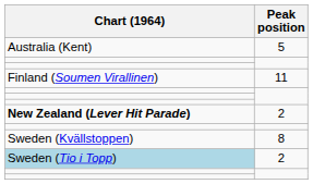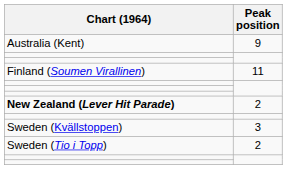 <table class="wikitable sortable">
 <tr>
 <th style="width:20em;">Chart (1964)</th>
 <th>Peak<br>position</th>
 </tr>
 <tr>
 <td>Australia (Kent)</td>
-<td style="text-align:center;">5</td>
+<td style="text-align:center;">9</td>
 </tr>
 <tr>
 <td></td>
 </tr>
 <tr>
 <td></td>
 </tr>
 <tr>
 <td align="left">Finland (<a href='#'><em>Soumen Virallinen</em></a>)</td>
 <td style="text-align:center;">11</td>
 </tr>
 <tr>
 <td></td>
 </tr>
 <tr>
 <td></td>
 </tr>
 <tr>
 <td></td>
 </tr>
 <tr>
 <td><strong>New Zealand (<em>Lever Hit Parade</em>)</strong></td>
 <td style="text-align:center;">2</td>
 </tr>
 <tr>
 <td></td>
 </tr>
 <tr>
 <td>Sweden (<a href='#'>Kvällstoppen</a>)</td>
-<td style="text-align:center;">8</td>
+<td style="text-align:center;">3</td>
 </tr>
 <tr>
-<td style="background: lightblue;">Sweden (<em><a href='#'>Tio i Topp</a></em>)</td>
+<td>Sweden (<em><a href='#'>Tio i Topp</a></em>)</td>
 <td style="text-align:center;">2</td>
 </tr>
 <tr>
 <td></td>
 </tr>
 <tr>
 <td></td>
 </tr>
 </table>
